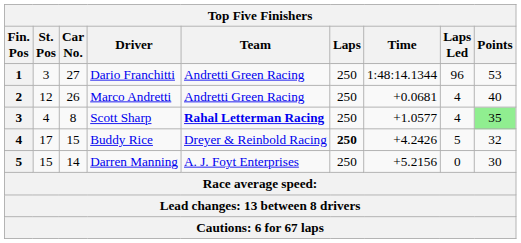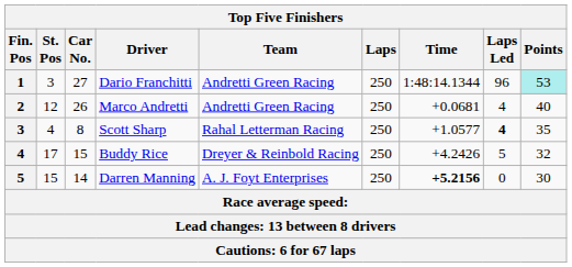 <table class="wikitable" style="font-size:95%;text-align:center">
 <tr>
 <th colspan=9>Top Five Finishers</th>
 </tr>
 <tr>
 <th>Fin.<br>Pos</th>
 <th>St.<br>Pos</th>
 <th>Car<br>No.</th>
 <th>Driver</th>
 <th>Team</th>
 <th>Laps</th>
 <th>Time</th>
 <th>Laps<br>Led</th>
 <th>Points</th>
 </tr>
 <tr>
 <th>1</th>
 <td>3</td>
 <td>27</td>
 <td style="text-align:left"> <a href='#'>Dario Franchitti</a></td>
 <td style="text-align:left"><a href='#'>Andretti Green Racing</a></td>
 <td>250</td>
 <td align=right>1:48:14.1344</td>
 <td>96</td>
-<td>53</td>
+<td style="background: paleturquoise;">53</td>
 </tr>
 <tr>
 <th>2</th>
 <td>12</td>
 <td>26</td>
 <td style="text-align:left"> <a href='#'>Marco Andretti</a></td>
 <td style="text-align:left"><a href='#'>Andretti Green Racing</a></td>
 <td>250</td>
 <td align=right>+0.0681</td>
 <td>4</td>
 <td>40</td>
 </tr>
 <tr>
 <th>3</th>
 <td>4</td>
 <td>8</td>
 <td style="text-align:left"> <a href='#'>Scott Sharp</a></td>
-<td style="text-align:left"><strong><a href='#'>Rahal Letterman Racing</a></strong></td>
+<td style="text-align:left"><a href='#'>Rahal Letterman Racing</a></td>
 <td>250</td>
 <td align=right>+1.0577</td>
-<td>4</td>
-<td style="background: lightgreen;">35</td>
+<td><strong>4</strong></td>
+<td>35</td>
 </tr>
 <tr>
 <th>4</th>
 <td>17</td>
 <td>15</td>
 <td style="text-align:left"> <a href='#'>Buddy Rice</a></td>
 <td style="text-align:left"><a href='#'>Dreyer & Reinbold Racing</a></td>
-<td><strong>250</strong></td>
+<td>250</td>
 <td align=right>+4.2426</td>
 <td>5</td>
 <td>32</td>
 </tr>
 <tr>
 <th>5</th>
 <td>15</td>
 <td>14</td>
 <td style="text-align:left"> <a href='#'>Darren Manning</a></td>
 <td style="text-align:left"><a href='#'>A. J. Foyt Enterprises</a></td>
 <td>250</td>
-<td align=right>+5.2156</td>
+<td align=right><strong>+5.2156</strong></td>
 <td>0</td>
 <td>30</td>
 </tr>
 <tr>
 <th colspan=9>Race average speed: </th>
 </tr>
 <tr>
 <th colspan=9>Lead changes: 13 between 8 drivers</th>
 </tr>
 <tr>
 <th colspan=9>Cautions: 6 for 67 laps</th>
 </tr>
 </table>
